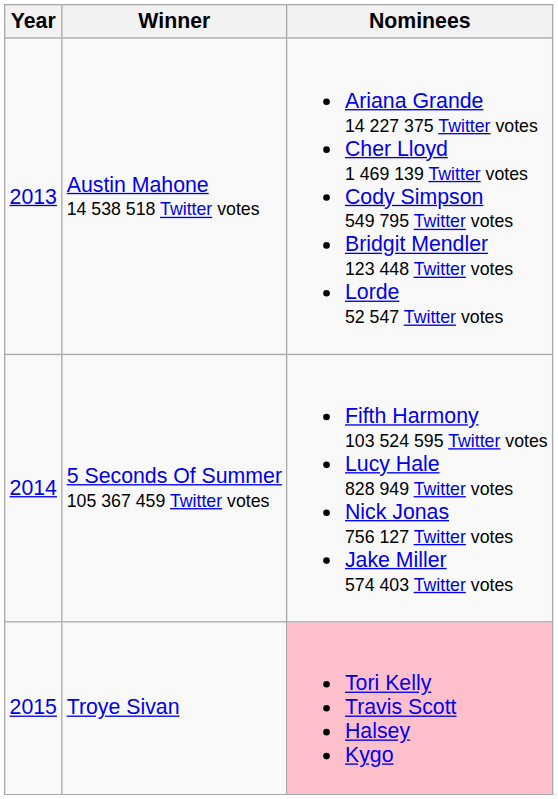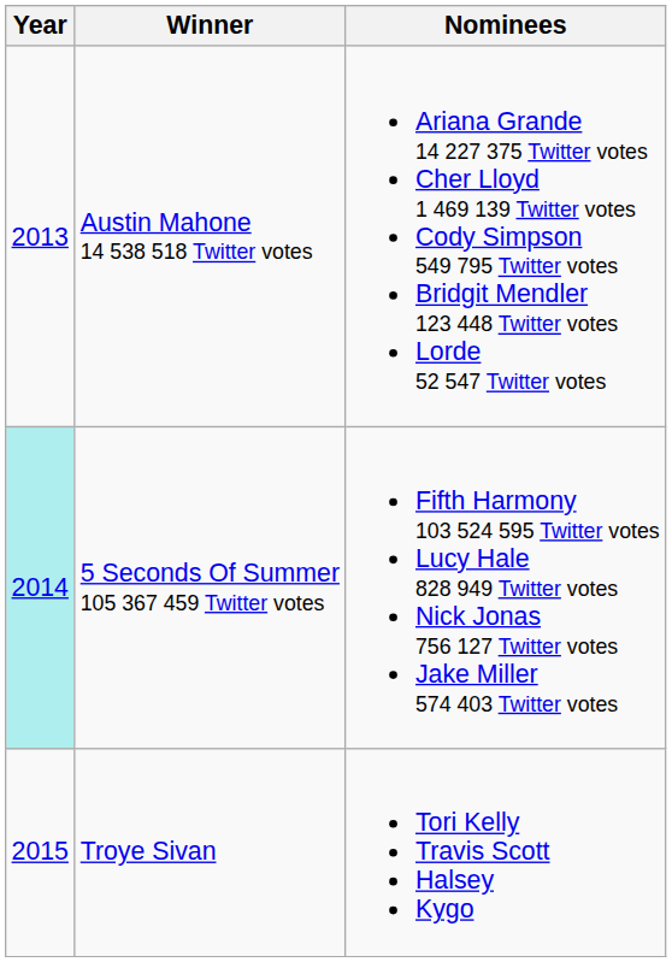 <table class="wikitable">
 <tr>
 <th>Year</th>
 <th>Winner</th>
 <th>Nominees</th>
 </tr>
 <tr>
 <td><a href='#'>2013</a></td>
 <td><a href='#'>Austin Mahone</a>  <br> <small>14 538 518 <a href='#'>Twitter</a> votes</small></td>
 <td><br><ul><li><a href='#'>Ariana Grande</a> <br><small> 14 227 375 <a href='#'>Twitter</a> votes</small></li><li><a href='#'>Cher Lloyd</a> <br><small> 1 469 139  <a href='#'>Twitter</a> votes</small></li><li><a href='#'>Cody Simpson</a> <br><small> 549 795 <a href='#'>Twitter</a> votes</small></li><li><a href='#'>Bridgit Mendler</a> <br><small>123 448 <a href='#'>Twitter</a> votes</small></li><li><a href='#'>Lorde</a> <br><small> 52 547 <a href='#'>Twitter</a> votes</small></li></ul></td>
 </tr>
 <tr>
-<td><a href='#'>2014</a></td>
+<td style="background: paleturquoise;"><a href='#'>2014</a></td>
 <td><a href='#'>5 Seconds Of Summer</a>  <br> <small>105 367 459 <a href='#'>Twitter</a> votes</small></td>
 <td><br><ul><li><a href='#'>Fifth Harmony</a> <br><small> 103 524 595 <a href='#'>Twitter</a> votes</small></li><li><a href='#'>Lucy Hale</a> <br><small> 828 949 <a href='#'>Twitter</a> votes</small></li><li><a href='#'>Nick Jonas</a> <br><small> 756 127 <a href='#'>Twitter</a> votes</small></li><li><a href='#'>Jake Miller</a> <br><small>574 403 <a href='#'>Twitter</a> votes</small></li></ul></td>
 </tr>
 <tr>
 <td><a href='#'>2015</a></td>
 <td><a href='#'>Troye Sivan</a></td>
-<td style="background: pink;"><br><ul><li><a href='#'>Tori Kelly</a></li><li><a href='#'>Travis Scott</a></li><li><a href='#'>Halsey</a></li><li><a href='#'>Kygo</a></li></ul></td>
+<td><br><ul><li><a href='#'>Tori Kelly</a></li><li><a href='#'>Travis Scott</a></li><li><a href='#'>Halsey</a></li><li><a href='#'>Kygo</a></li></ul></td>
 </tr>
 <tr>
 </tr>
 </table>
